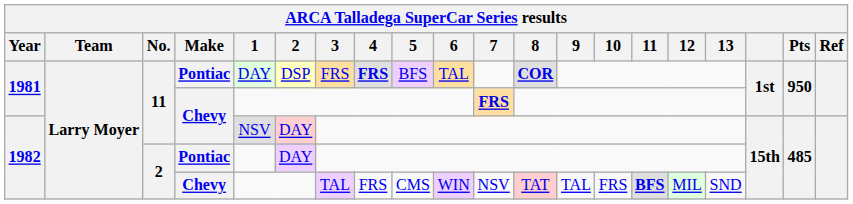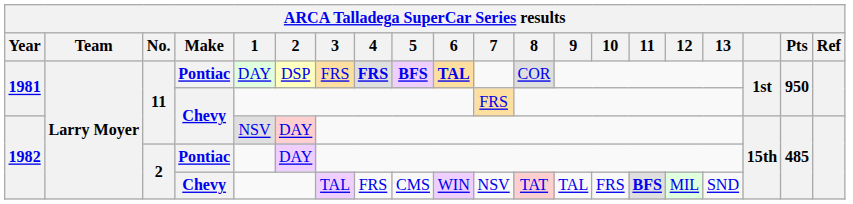 <table class="wikitable" style="text-align:center; font-size:75%">
 <tr>
 <th colspan="34"><a href='#'>ARCA Talladega SuperCar Series</a> results</th>
 </tr>
 <tr>
 <th>Year</th>
 <th>Team</th>
 <th>No.</th>
 <th>Make</th>
 <th>1</th>
 <th>2</th>
 <th>3</th>
 <th>4</th>
 <th>5</th>
 <th>6</th>
 <th>7</th>
 <th>8</th>
 <th>9</th>
 <th>10</th>
 <th>11</th>
 <th>12</th>
 <th>13</th>
 <th></th>
 <th>Pts</th>
 <th>Ref</th>
 </tr>
 <tr>
 <th rowspan=2><a href='#'>1981</a></th>
 <th rowspan=5>Larry Moyer</th>
 <th rowspan=3>11</th>
 <th><a href='#'>Pontiac</a></th>
 <td style="background:#DFFFDF;"><a href='#'>DAY</a><br></td>
 <td style="background:#FFFFBF;"><a href='#'>DSP</a><br></td>
 <td style="background:#FFDF9F;"><a href='#'>FRS</a><br></td>
 <td style="background:#DFDFDF;"><strong><a href='#'>FRS</a><br></strong></td>
-<td style="background:#EFCFFF;"><a href='#'>BFS</a><br></td>
-<td style="background:#FFDF9F;"><a href='#'>TAL</a><br></td>
+<td style="background:#EFCFFF;"><strong><a href='#'>BFS</a><br></strong></td>
+<td style="background:#FFDF9F;"><strong><a href='#'>TAL</a><br></strong></td>
 <td></td>
-<td style="background:#DFDFDF;"><strong><a href='#'>COR</a><br></strong></td>
+<td style="background:#DFDFDF;"><a href='#'>COR</a><br></td>
 <td colspan=5></td>
 <th rowspan=2>1st</th>
 <th rowspan=2>950</th>
 <th rowspan=2></th>
 </tr>
 <tr>
 <th rowspan=2><a href='#'>Chevy</a></th>
 <td colspan=6></td>
-<td style="background:#FFDF9F;"><strong><a href='#'>FRS</a><br></strong></td>
+<td style="background:#FFDF9F;"><a href='#'>FRS</a><br></td>
 <td colspan=6></td>
 </tr>
 <tr>
 <th rowspan=3><a href='#'>1982</a></th>
 <td style="background:#DFDFDF;"><a href='#'>NSV</a><br></td>
 <td style="background:#FFCFCF;"><a href='#'>DAY</a><br></td>
 <td colspan=11></td>
 <th rowspan=3>15th</th>
 <th rowspan=3>485</th>
 <th rowspan=3></th>
 </tr>
 <tr>
 <th rowspan=2>2</th>
 <th><a href='#'>Pontiac</a></th>
 <td></td>
 <td style="background:#EFCFFF;"><a href='#'>DAY</a><br></td>
 <td colspan=11></td>
 </tr>
 <tr>
 <th><a href='#'>Chevy</a></th>
 <td colspan=2></td>
 <td style="background:#EFCFFF;"><a href='#'>TAL</a><br></td>
 <td><a href='#'>FRS</a></td>
 <td><a href='#'>CMS</a></td>
 <td style="background:#EFCFFF;"><a href='#'>WIN</a><br></td>
 <td><a href='#'>NSV</a></td>
 <td style="background:#FFCFCF;"><a href='#'>TAT</a><br></td>
 <td><a href='#'>TAL</a></td>
 <td><a href='#'>FRS</a></td>
 <td style="background:#DFDFDF;"><strong><a href='#'>BFS</a></strong><br></td>
 <td style="background:#DFFFDF;"><a href='#'>MIL</a><br></td>
 <td><a href='#'>SND</a></td>
 </tr>
 </table>
